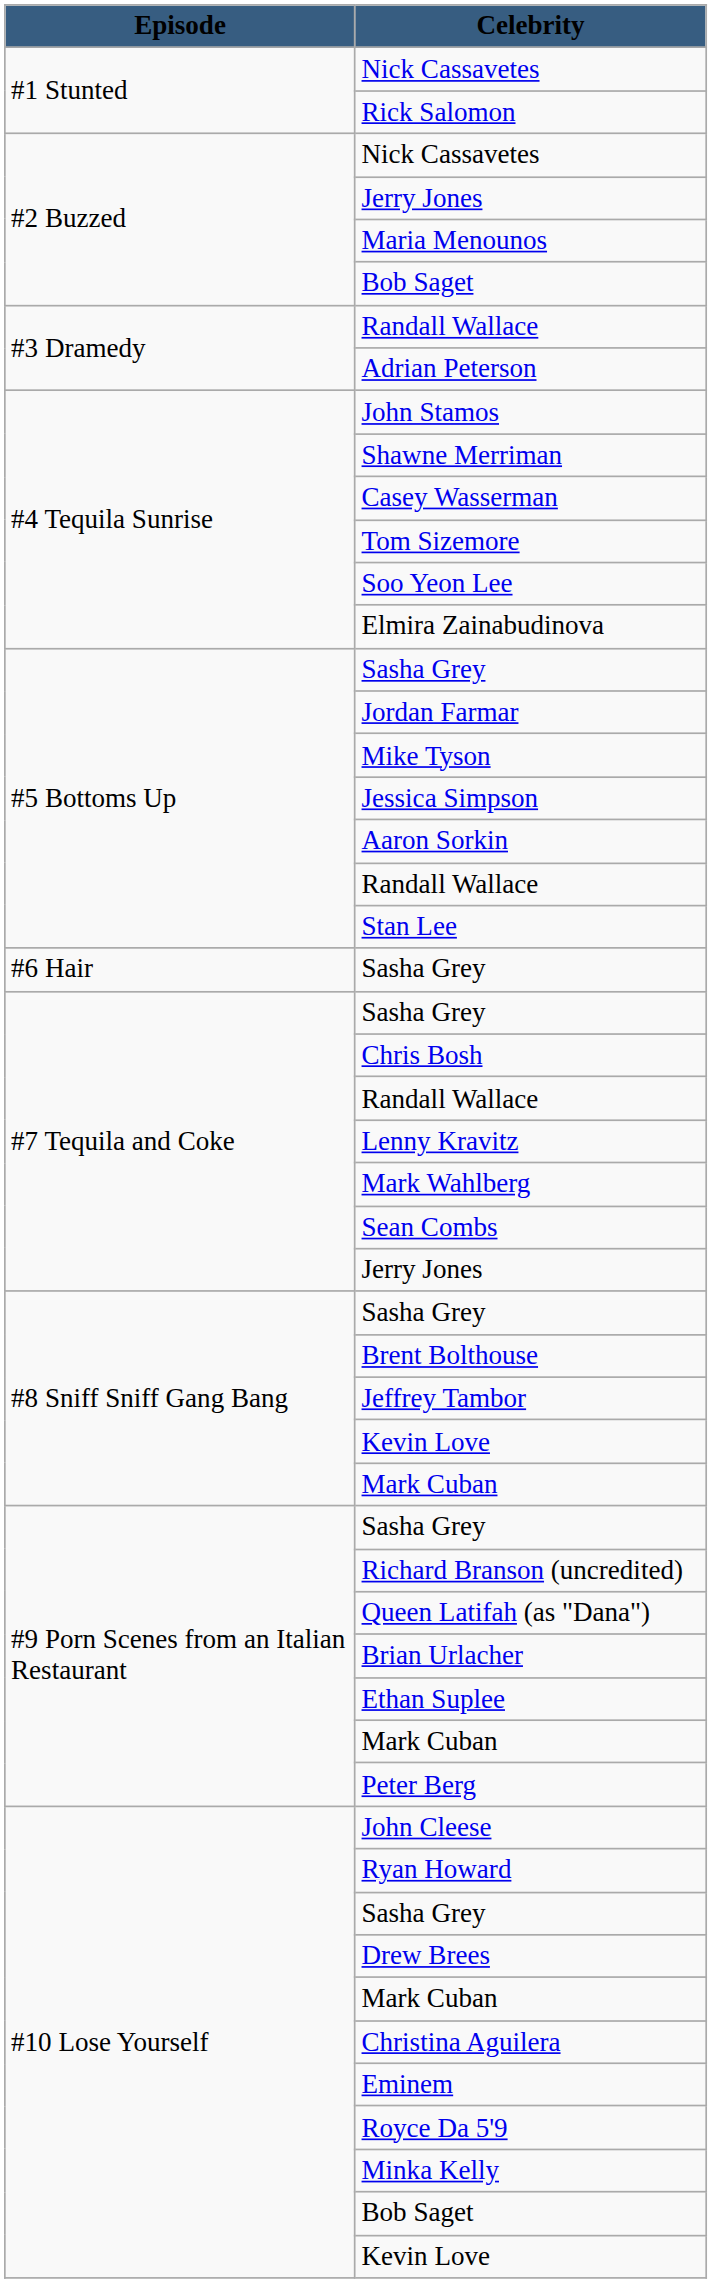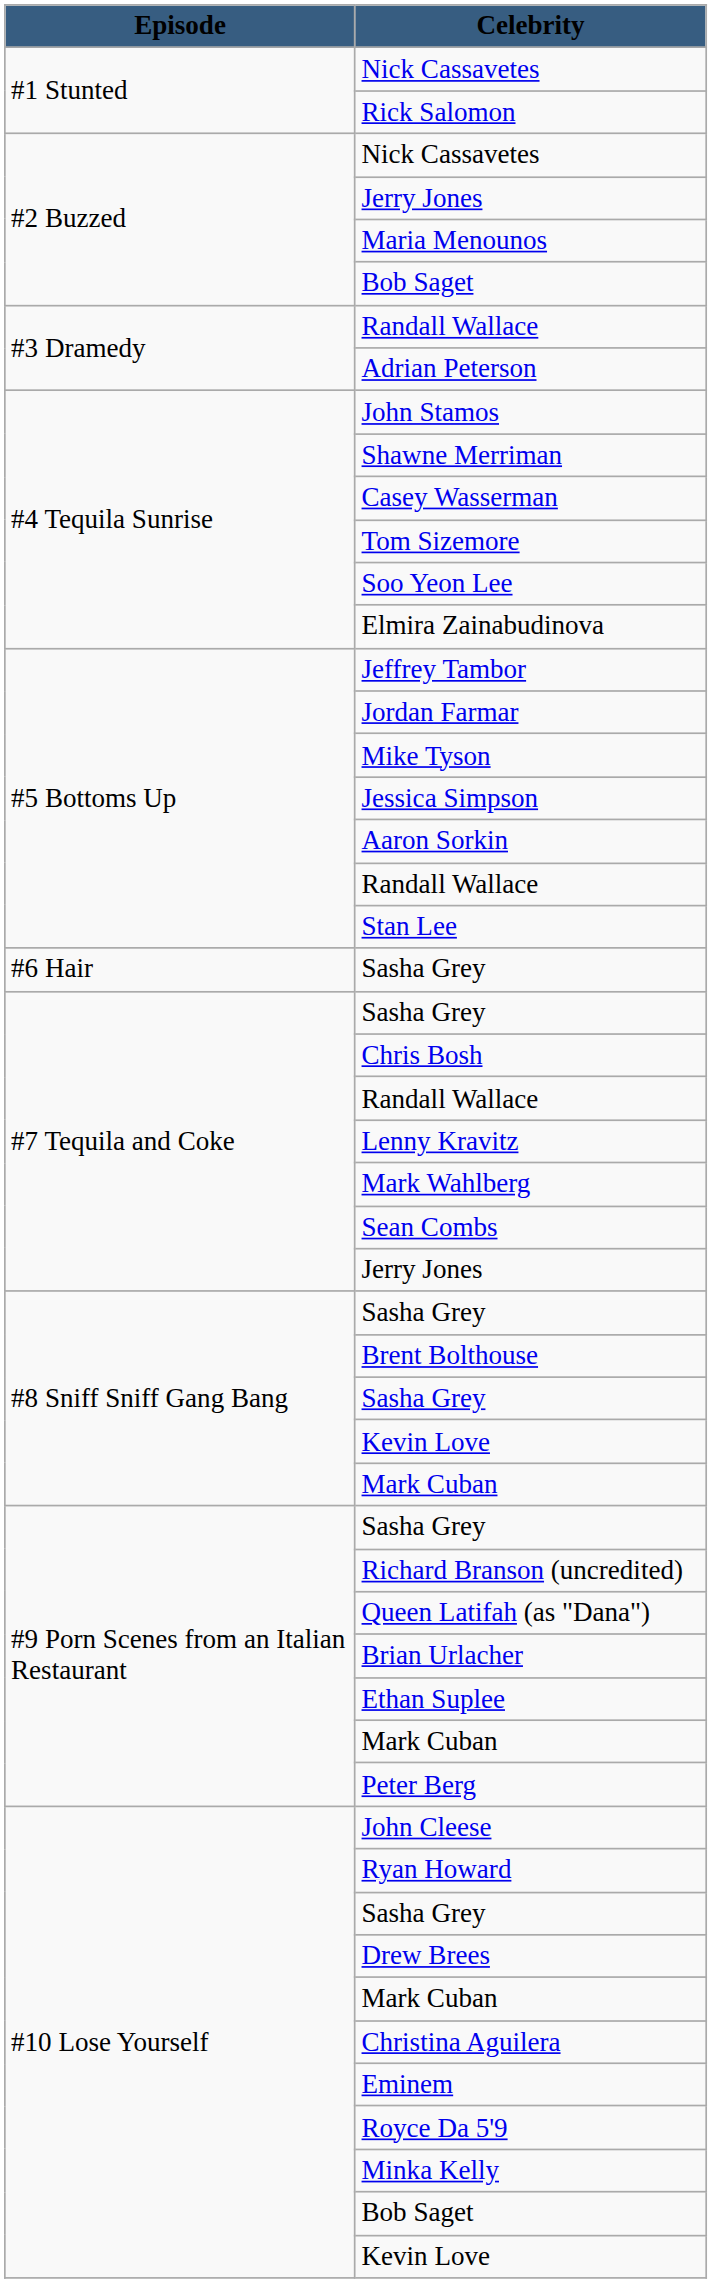 <table class="wikitable">
 <tr style="color:black">
 <th style="background:#375d81; width:200px;">Episode</th>
 <th style="background:#375d81; width:200px;">Celebrity</th>
 </tr>
 <tr>
 <td rowspan="2">#1 Stunted</td>
 <td><a href='#'>Nick Cassavetes</a></td>
 </tr>
 <tr>
 <td><a href='#'>Rick Salomon</a></td>
 </tr>
 <tr>
 <td rowspan="4">#2 Buzzed</td>
 <td>Nick Cassavetes</td>
 </tr>
 <tr>
 <td><a href='#'>Jerry Jones</a></td>
 </tr>
 <tr>
 <td><a href='#'>Maria Menounos</a></td>
 </tr>
 <tr>
 <td><a href='#'>Bob Saget</a></td>
 </tr>
 <tr>
 <td rowspan="2">#3 Dramedy</td>
 <td><a href='#'>Randall Wallace</a></td>
 </tr>
 <tr>
 <td><a href='#'>Adrian Peterson</a></td>
 </tr>
 <tr>
 <td rowspan="6">#4 Tequila Sunrise</td>
 <td><a href='#'>John Stamos</a></td>
 </tr>
 <tr>
 <td><a href='#'>Shawne Merriman</a></td>
 </tr>
 <tr>
 <td><a href='#'>Casey Wasserman</a></td>
 </tr>
 <tr>
 <td><a href='#'>Tom Sizemore</a></td>
 </tr>
 <tr>
 <td><a href='#'>Soo Yeon Lee</a></td>
 </tr>
 <tr>
 <td>Elmira Zainabudinova</td>
 </tr>
 <tr>
 <td rowspan="7">#5 Bottoms Up</td>
-<td><a href='#'>Sasha Grey</a></td>
+<td><a href='#'>Jeffrey Tambor</a></td>
 </tr>
 <tr>
 <td><a href='#'>Jordan Farmar</a></td>
 </tr>
 <tr>
 <td><a href='#'>Mike Tyson</a></td>
 </tr>
 <tr>
 <td><a href='#'>Jessica Simpson</a></td>
 </tr>
 <tr>
 <td><a href='#'>Aaron Sorkin</a></td>
 </tr>
 <tr>
 <td>Randall Wallace</td>
 </tr>
 <tr>
 <td><a href='#'>Stan Lee</a></td>
 </tr>
 <tr>
 <td>#6 Hair</td>
 <td>Sasha Grey</td>
 </tr>
 <tr>
 <td rowspan="7">#7 Tequila and Coke</td>
 <td>Sasha Grey</td>
 </tr>
 <tr>
 <td><a href='#'>Chris Bosh</a></td>
 </tr>
 <tr>
 <td>Randall Wallace</td>
 </tr>
 <tr>
 <td><a href='#'>Lenny Kravitz</a></td>
 </tr>
 <tr>
 <td><a href='#'>Mark Wahlberg</a></td>
 </tr>
 <tr>
 <td><a href='#'>Sean Combs</a></td>
 </tr>
 <tr>
 <td>Jerry Jones</td>
 </tr>
 <tr>
 <td rowspan="5">#8 Sniff Sniff Gang Bang</td>
 <td>Sasha Grey</td>
 </tr>
 <tr>
 <td><a href='#'>Brent Bolthouse</a></td>
 </tr>
 <tr>
-<td><a href='#'>Jeffrey Tambor</a></td>
+<td><a href='#'>Sasha Grey</a></td>
 </tr>
 <tr>
 <td><a href='#'>Kevin Love</a></td>
 </tr>
 <tr>
 <td><a href='#'>Mark Cuban</a></td>
 </tr>
 <tr>
 <td rowspan="7">#9 Porn Scenes from an Italian Restaurant</td>
 <td>Sasha Grey</td>
 </tr>
 <tr>
 <td><a href='#'>Richard Branson</a> (uncredited)</td>
 </tr>
 <tr>
 <td><a href='#'>Queen Latifah</a> (as "Dana")</td>
 </tr>
 <tr>
 <td><a href='#'>Brian Urlacher</a></td>
 </tr>
 <tr>
 <td><a href='#'>Ethan Suplee</a></td>
 </tr>
 <tr>
 <td>Mark Cuban</td>
 </tr>
 <tr>
 <td><a href='#'>Peter Berg</a></td>
 </tr>
 <tr>
 <td rowspan="11">#10 Lose Yourself</td>
 <td><a href='#'>John Cleese</a></td>
 </tr>
 <tr>
 <td><a href='#'>Ryan Howard</a></td>
 </tr>
 <tr>
 <td>Sasha Grey</td>
 </tr>
 <tr>
 <td><a href='#'>Drew Brees</a></td>
 </tr>
 <tr>
 <td>Mark Cuban</td>
 </tr>
 <tr>
 <td><a href='#'>Christina Aguilera</a></td>
 </tr>
 <tr>
 <td><a href='#'>Eminem</a></td>
 </tr>
 <tr>
 <td><a href='#'>Royce Da 5'9</a></td>
 </tr>
 <tr>
 <td><a href='#'>Minka Kelly</a></td>
 </tr>
 <tr>
 <td>Bob Saget</td>
 </tr>
 <tr>
 <td>Kevin Love</td>
 </tr>
 </table>
